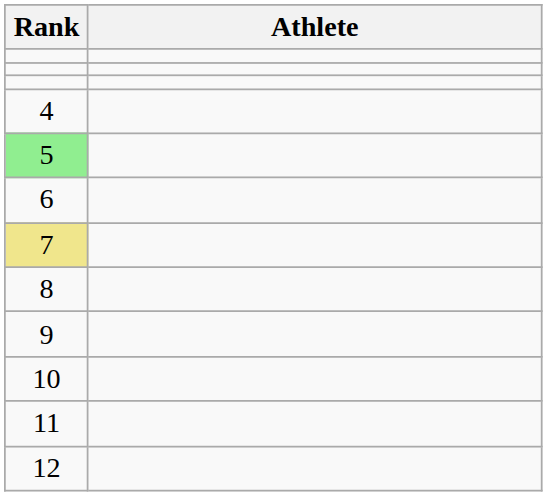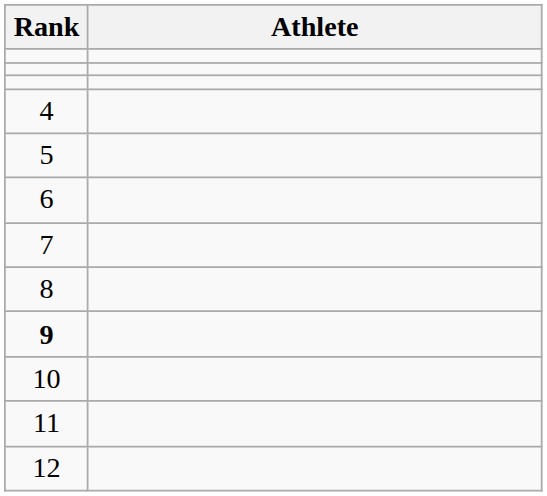 <table class="wikitable" style="text-align: center;">
 <tr>
 <th width=40>Rank</th>
 <th width=250>Athlete</th>
 </tr>
 <tr>
 <td></td>
 <td align="left"></td>
 </tr>
 <tr>
 <td></td>
 <td align="left"></td>
 </tr>
 <tr>
 <td></td>
 <td align="left"></td>
 </tr>
 <tr>
 <td>4</td>
 <td align="left"></td>
 </tr>
 <tr>
-<td style="background: lightgreen;">5</td>
+<td>5</td>
 <td align="left"></td>
 </tr>
 <tr>
 <td>6</td>
 <td align="left"></td>
 </tr>
 <tr>
-<td style="background: khaki;">7</td>
+<td>7</td>
 <td align="left"></td>
 </tr>
 <tr>
 <td>8</td>
 <td align="left"></td>
 </tr>
 <tr>
-<td>9</td>
+<td><strong>9</strong></td>
 <td align="left"></td>
 </tr>
 <tr>
 <td>10</td>
 <td align="left"></td>
 </tr>
 <tr>
 <td>11</td>
 <td align="left"></td>
 </tr>
 <tr>
 <td>12</td>
 <td align="left"></td>
 </tr>
 </table>
